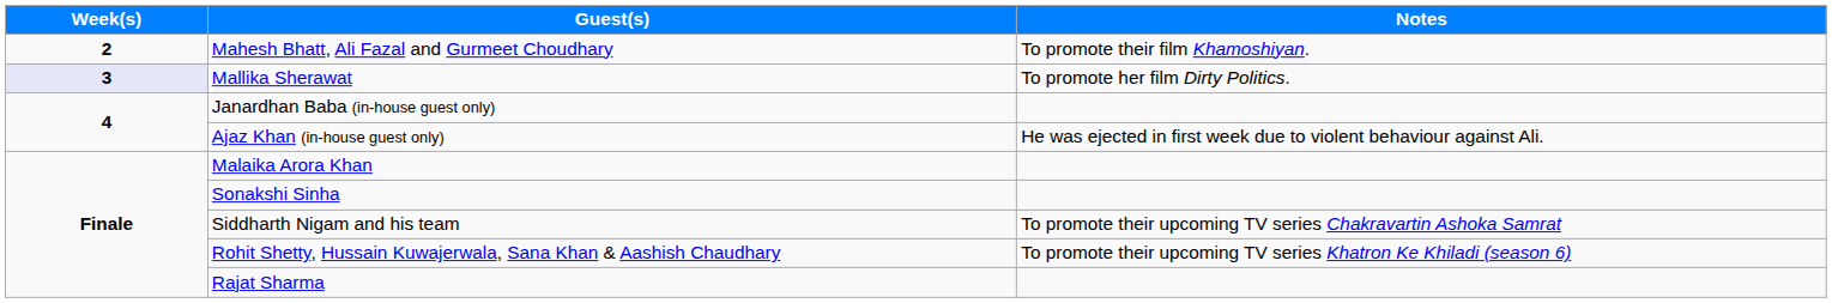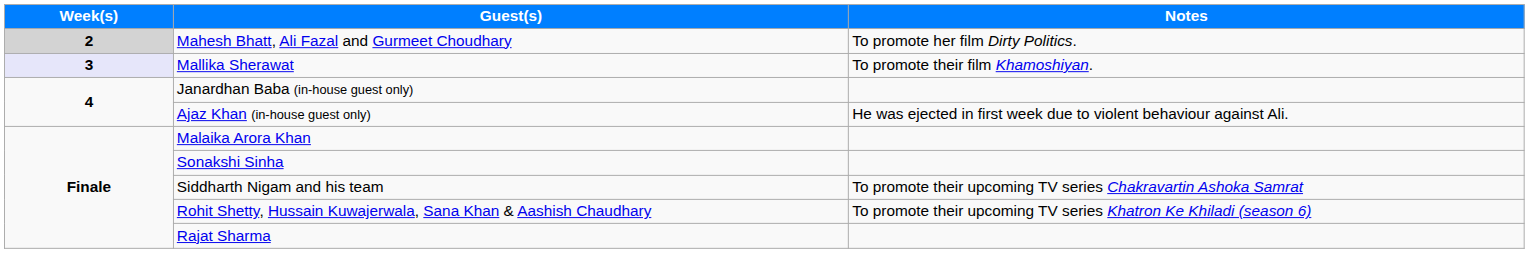 <table class="wikitable" style="width:100%;">
 <tr>
 <th style="background:#007fff; color:#fff; width:5%;">Week(s)</th>
 <th style="background:#007fff; color:#fff; width:20%;">Guest(s)</th>
 <th style="background:#007fff; color:#fff; width:20%;">Notes</th>
 </tr>
 <tr>
-<td align="center"><strong>2</strong></td>
+<td align="center" style="background: lightgrey;"><strong>2</strong></td>
 <td><a href='#'>Mahesh Bhatt</a>, <a href='#'>Ali Fazal</a> and <a href='#'>Gurmeet Choudhary</a></td>
-<td>To promote their film <em><a href='#'>Khamoshiyan</a></em>.</td>
+<td>To promote her film <em>Dirty Politics</em>.</td>
 </tr>
 <tr>
 <td align=center style="background: lavender;"><strong>3</strong></td>
 <td><a href='#'>Mallika Sherawat</a></td>
-<td>To promote her film <em>Dirty Politics</em>.</td>
+<td>To promote their film <em><a href='#'>Khamoshiyan</a></em>.</td>
 </tr>
 <tr>
 <td align=center rowspan="2"><strong>4</strong></td>
 <td>Janardhan Baba <small>(in-house guest only)</small></td>
 <td></td>
 </tr>
 <tr>
 <td><a href='#'>Ajaz Khan</a> <small>(in-house guest only)</small></td>
 <td>He was ejected in first week due to violent behaviour against Ali.</td>
 </tr>
 <tr>
 <td align=center rowspan="5"><strong>Finale</strong></td>
 <td><a href='#'>Malaika Arora Khan</a></td>
 <td></td>
 </tr>
 <tr>
 <td><a href='#'>Sonakshi Sinha</a></td>
 <td></td>
 </tr>
 <tr>
 <td>Siddharth Nigam and his team</td>
 <td>To promote their upcoming TV series <em><a href='#'>Chakravartin Ashoka Samrat</a></em></td>
 </tr>
 <tr>
 <td><a href='#'>Rohit Shetty</a>, <a href='#'>Hussain Kuwajerwala</a>, <a href='#'>Sana Khan</a> & <a href='#'>Aashish Chaudhary</a></td>
 <td>To promote their upcoming TV series <em><a href='#'>Khatron Ke Khiladi (season 6)</a></em></td>
 </tr>
 <tr>
 <td><a href='#'>Rajat Sharma</a></td>
 <td></td>
 </tr>
 </table>
